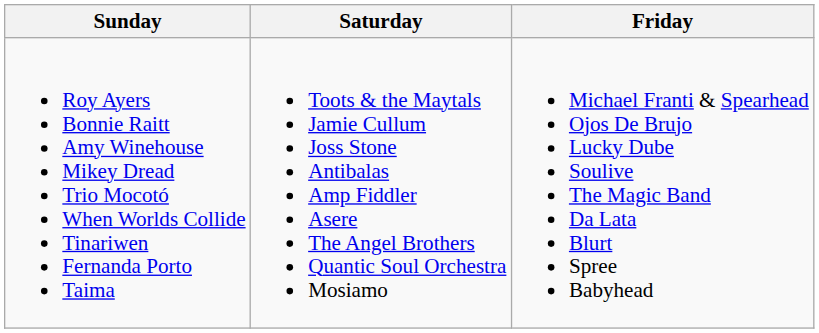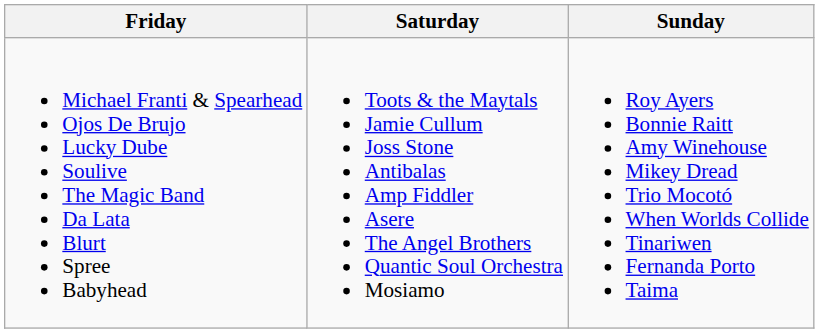 <table class="wikitable">
 <tr>
+<th>Friday</th>
+<th>Saturday</th>
 <th>Sunday</th>
-<th>Saturday</th>
-<th>Friday</th>
 </tr>
 <tr valign="top">
+<td><br><ul><li><a href='#'>Michael Franti</a> & <a href='#'>Spearhead</a></li><li><a href='#'>Ojos De Brujo</a></li><li><a href='#'>Lucky Dube</a></li><li><a href='#'>Soulive</a></li><li><a href='#'>The Magic Band</a></li><li><a href='#'>Da Lata</a></li><li><a href='#'>Blurt</a></li><li>Spree</li><li>Babyhead</li></ul></td>
+<td><br><ul><li><a href='#'>Toots & the Maytals</a></li><li><a href='#'>Jamie Cullum</a></li><li><a href='#'>Joss Stone</a></li><li><a href='#'>Antibalas</a></li><li><a href='#'>Amp Fiddler</a></li><li><a href='#'>Asere</a></li><li><a href='#'>The Angel Brothers</a></li><li><a href='#'>Quantic Soul Orchestra</a></li><li>Mosiamo</li></ul></td>
 <td><br><ul><li><a href='#'>Roy Ayers</a></li><li><a href='#'>Bonnie Raitt</a></li><li><a href='#'>Amy Winehouse</a></li><li><a href='#'>Mikey Dread</a></li><li><a href='#'>Trio Mocotó</a></li><li><a href='#'>When Worlds Collide</a></li><li><a href='#'>Tinariwen</a></li><li><a href='#'>Fernanda Porto</a></li><li><a href='#'>Taima</a></li></ul></td>
-<td><br><ul><li><a href='#'>Toots & the Maytals</a></li><li><a href='#'>Jamie Cullum</a></li><li><a href='#'>Joss Stone</a></li><li><a href='#'>Antibalas</a></li><li><a href='#'>Amp Fiddler</a></li><li><a href='#'>Asere</a></li><li><a href='#'>The Angel Brothers</a></li><li><a href='#'>Quantic Soul Orchestra</a></li><li>Mosiamo</li></ul></td>
-<td><br><ul><li><a href='#'>Michael Franti</a> & <a href='#'>Spearhead</a></li><li><a href='#'>Ojos De Brujo</a></li><li><a href='#'>Lucky Dube</a></li><li><a href='#'>Soulive</a></li><li><a href='#'>The Magic Band</a></li><li><a href='#'>Da Lata</a></li><li><a href='#'>Blurt</a></li><li>Spree</li><li>Babyhead</li></ul></td>
 </tr>
 </table>
